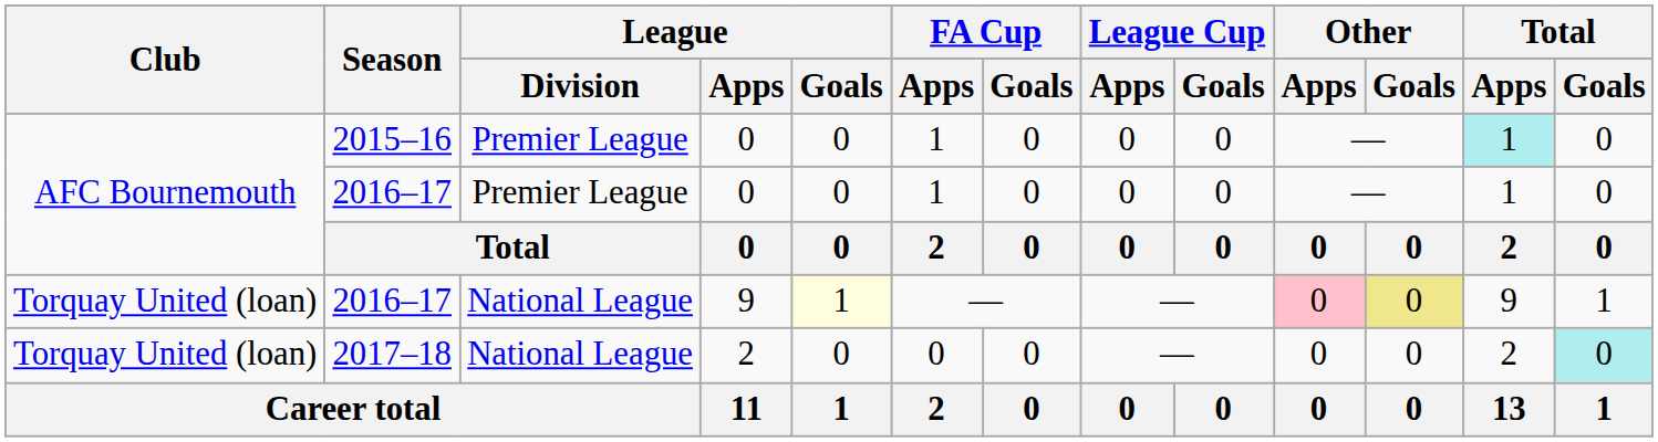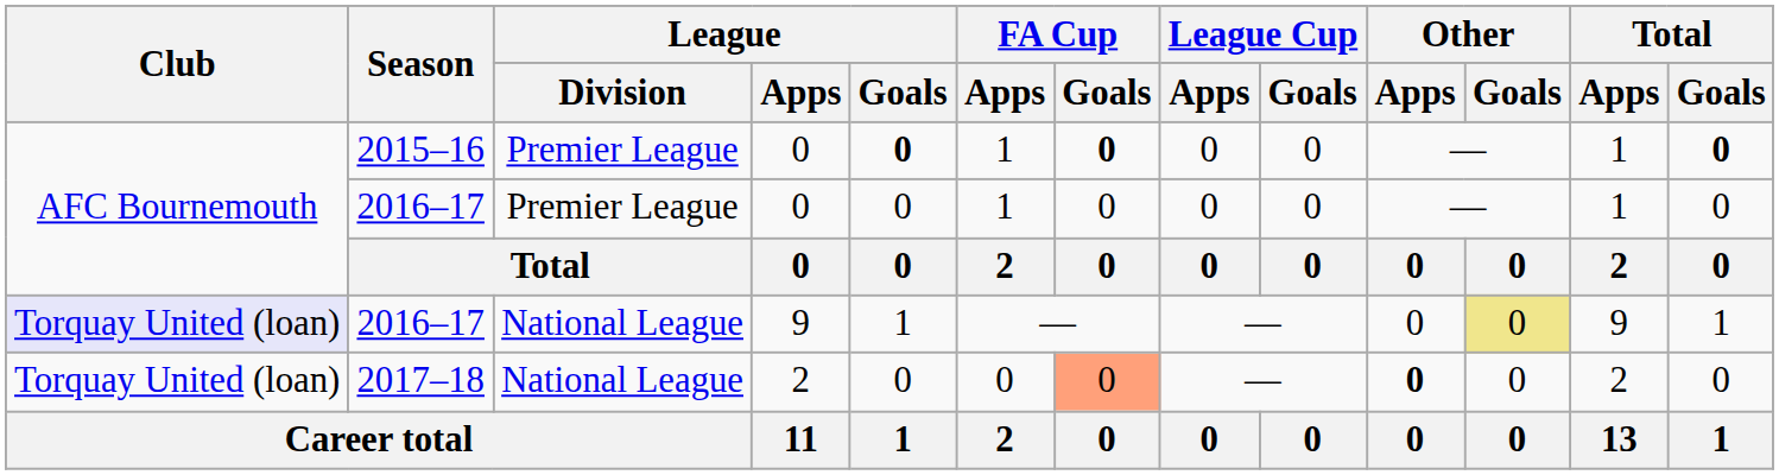 <table class="wikitable" style="text-align: center">
 <tr>
 <th rowspan="2">Club</th>
 <th rowspan="2">Season</th>
 <th colspan="3">League</th>
 <th colspan="2"><a href='#'>FA Cup</a></th>
 <th colspan="2"><a href='#'>League Cup</a></th>
 <th colspan="2">Other</th>
 <th colspan="2">Total</th>
 </tr>
 <tr>
 <th>Division</th>
 <th>Apps</th>
 <th>Goals</th>
 <th>Apps</th>
 <th>Goals</th>
 <th>Apps</th>
 <th>Goals</th>
 <th>Apps</th>
 <th>Goals</th>
 <th>Apps</th>
 <th>Goals</th>
 </tr>
 <tr>
 <td rowspan="3"><a href='#'>AFC Bournemouth</a></td>
 <td><a href='#'>2015–16</a></td>
 <td><a href='#'>Premier League</a></td>
 <td>0</td>
-<td>0</td>
+<td><strong>0</strong></td>
 <td>1</td>
-<td>0</td>
+<td><strong>0</strong></td>
 <td>0</td>
 <td>0</td>
 <td colspan="2">—</td>
-<td style="background: paleturquoise;">1</td>
-<td>0</td>
+<td>1</td>
+<td><strong>0</strong></td>
 </tr>
 <tr>
 <td><a href='#'>2016–17</a></td>
 <td>Premier League</td>
 <td>0</td>
 <td>0</td>
 <td>1</td>
 <td>0</td>
 <td>0</td>
 <td>0</td>
 <td colspan="2">—</td>
 <td>1</td>
 <td>0</td>
 </tr>
 <tr>
 <th colspan="2">Total</th>
 <th>0</th>
 <th>0</th>
 <th>2</th>
 <th>0</th>
 <th>0</th>
 <th>0</th>
 <th>0</th>
 <th>0</th>
 <th>2</th>
 <th>0</th>
 </tr>
 <tr>
-<td><a href='#'>Torquay United</a> (loan)</td>
+<td style="background: lavender;"><a href='#'>Torquay United</a> (loan)</td>
 <td><a href='#'>2016–17</a></td>
 <td><a href='#'>National League</a></td>
 <td>9</td>
-<td style="background: lightyellow;">1</td>
+<td>1</td>
 <td colspan="2">—</td>
 <td colspan="2">—</td>
-<td style="background: pink;">0</td>
+<td>0</td>
 <td style="background: khaki;">0</td>
 <td>9</td>
 <td>1</td>
 </tr>
 <tr>
 <td><a href='#'>Torquay United</a> (loan)</td>
 <td><a href='#'>2017–18</a></td>
 <td><a href='#'>National League</a></td>
 <td>2</td>
 <td>0</td>
 <td>0</td>
-<td>0</td>
+<td style="background: lightsalmon;">0</td>
 <td colspan="2">—</td>
-<td>0</td>
+<td><strong>0</strong></td>
 <td>0</td>
 <td>2</td>
-<td style="background: paleturquoise;">0</td>
+<td>0</td>
 </tr>
 <tr>
 <th colspan="3">Career total</th>
 <th>11</th>
 <th>1</th>
 <th>2</th>
 <th>0</th>
 <th>0</th>
 <th>0</th>
 <th>0</th>
 <th>0</th>
 <th>13</th>
 <th>1</th>
 </tr>
 </table>
